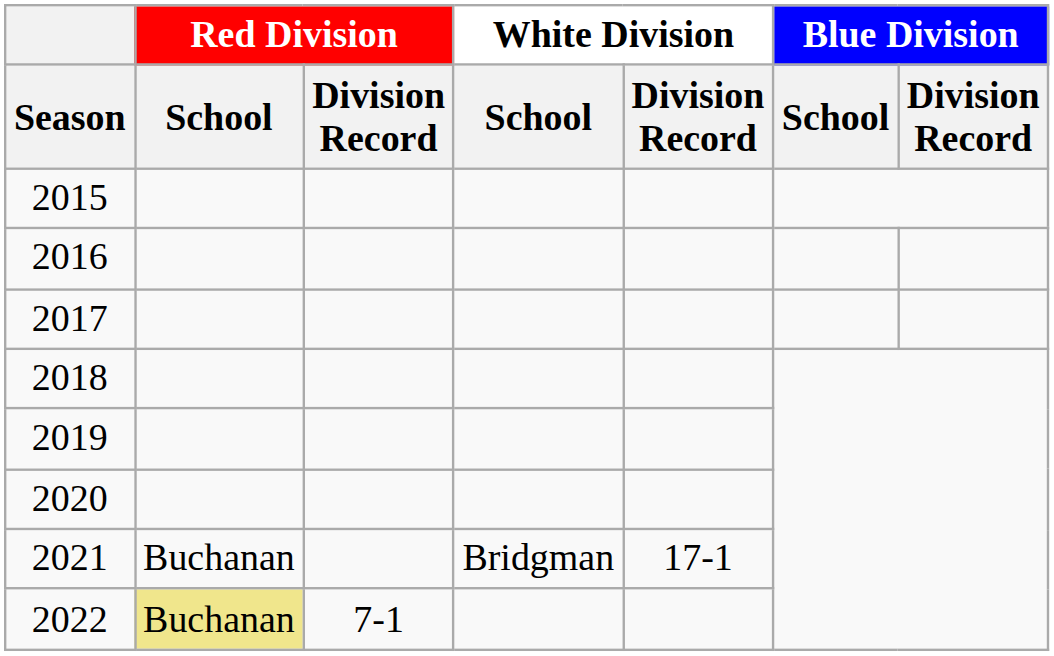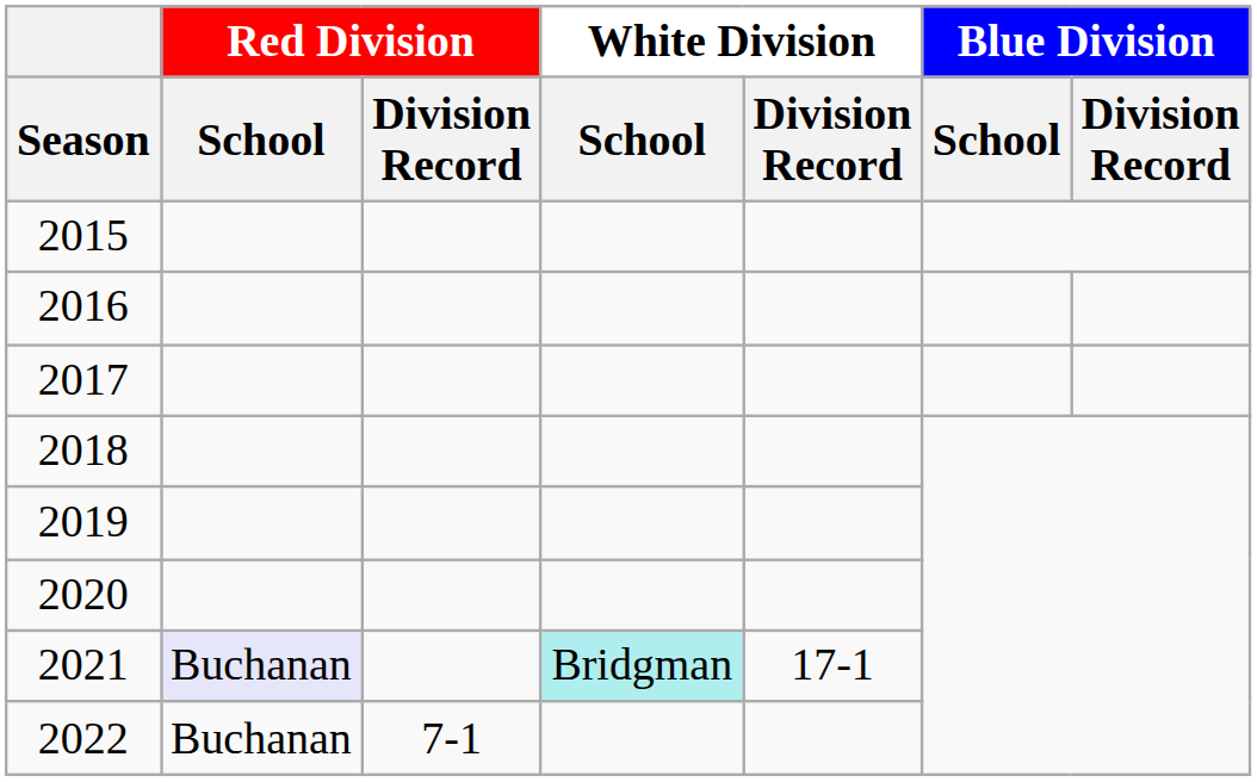 <table class="wikitable sortable" style="text-align:center">
 <tr>
 <th></th>
 <th colspan=2 style="background:#FF0000; color:white">Red Division</th>
 <th colspan=2 style="background:#FFFFFF; color:black">White Division</th>
 <th colspan=2 style="background:#0000FF; color:white">Blue Division</th>
 </tr>
 <tr>
 <th>Season</th>
 <th>School</th>
 <th>Division<br>Record</th>
 <th>School</th>
 <th>Division<br>Record</th>
 <th>School</th>
 <th>Division<br>Record</th>
 </tr>
 <tr>
 <td>2015</td>
 <td></td>
 <td></td>
 <td></td>
 <td></td>
 </tr>
 <tr>
 <td>2016</td>
 <td></td>
 <td></td>
 <td></td>
 <td></td>
 <td></td>
 <td></td>
 </tr>
 <tr>
 <td>2017</td>
 <td></td>
 <td></td>
 <td></td>
 <td></td>
 <td></td>
 <td></td>
 </tr>
 <tr>
 <td>2018</td>
 <td></td>
 <td></td>
 <td></td>
 <td></td>
 </tr>
 <tr>
 <td>2019</td>
 <td></td>
 <td></td>
 <td></td>
 <td></td>
 </tr>
 <tr>
 <td>2020</td>
 <td></td>
 <td></td>
 <td></td>
 <td></td>
 </tr>
 <tr>
 <td>2021</td>
-<td>Buchanan</td>
+<td style="background: lavender;">Buchanan</td>
 <td></td>
-<td>Bridgman</td>
+<td style="background: paleturquoise;">Bridgman</td>
 <td>17-1</td>
 </tr>
 <tr>
 <td>2022</td>
-<td style="background: khaki;">Buchanan</td>
+<td>Buchanan</td>
 <td>7-1</td>
 <td></td>
 <td></td>
 </tr>
 </table>
